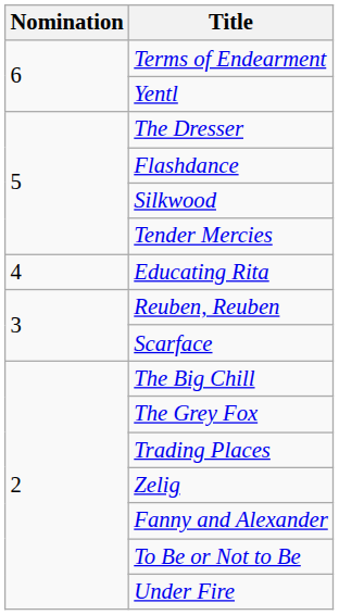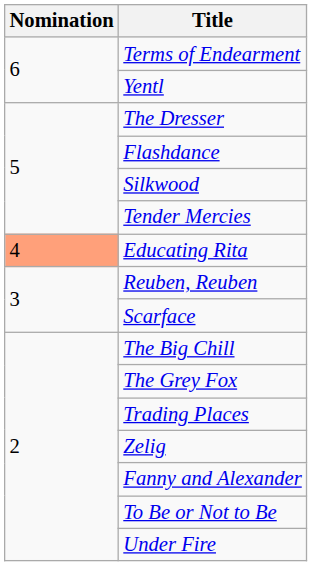 <table class="wikitable">
 <tr>
 <th>Nomination</th>
 <th>Title</th>
 </tr>
 <tr>
 <td rowspan="2">6</td>
 <td><em><a href='#'>Terms of Endearment</a></em></td>
 </tr>
 <tr>
 <td><em><a href='#'>Yentl</a></em></td>
 </tr>
 <tr>
 <td rowspan="4">5</td>
 <td><em><a href='#'>The Dresser</a></em></td>
 </tr>
 <tr>
 <td><em><a href='#'>Flashdance</a></em></td>
 </tr>
 <tr>
 <td><em><a href='#'>Silkwood</a></em></td>
 </tr>
 <tr>
 <td><em><a href='#'>Tender Mercies</a></em></td>
 </tr>
 <tr>
-<td rowspan="1">4</td>
+<td rowspan="1" style="background: lightsalmon;">4</td>
 <td><em><a href='#'>Educating Rita</a></em></td>
 </tr>
 <tr>
 <td rowspan="2">3</td>
 <td><em><a href='#'>Reuben, Reuben</a></em></td>
 </tr>
 <tr>
 <td><em><a href='#'>Scarface</a></em></td>
 </tr>
 <tr>
 <td rowspan="7">2</td>
 <td><em><a href='#'>The Big Chill</a></em></td>
 </tr>
 <tr>
 <td><em><a href='#'>The Grey Fox</a></em></td>
 </tr>
 <tr>
 <td><em><a href='#'>Trading Places</a></em></td>
 </tr>
 <tr>
 <td><em><a href='#'>Zelig</a></em></td>
 </tr>
 <tr>
 <td><em><a href='#'>Fanny and Alexander</a></em></td>
 </tr>
 <tr>
 <td><em><a href='#'>To Be or Not to Be</a></em></td>
 </tr>
 <tr>
 <td><em><a href='#'>Under Fire</a></em></td>
 </tr>
 </table>
